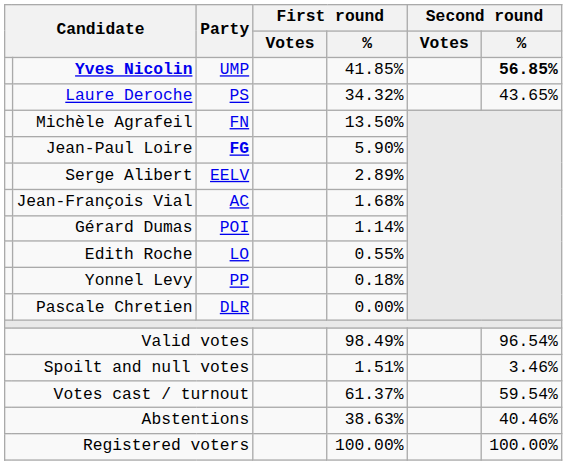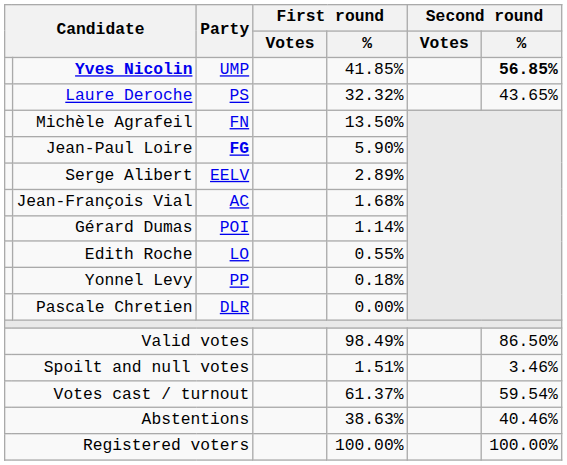 <table class="wikitable" style="text-align:right;font-size:95%;">
 <tr>
 <th rowspan=2 colspan=2>Candidate</th>
 <th rowspan=2 colspan=1>Party</th>
 <th colspan=2>First round</th>
 <th colspan=2>Second round</th>
 </tr>
 <tr>
 <th style="width:50px;">Votes</th>
 <th style="width:55px;">%</th>
 <th style="width:50px;">Votes</th>
 <th style="width:55px;">%</th>
 </tr>
 <tr>
 <td style="color:inherit;background-color:"></td>
 <td><strong><a href='#'>Yves Nicolin</a></strong></td>
 <td><a href='#'>UMP</a></td>
 <td></td>
 <td>41.85%</td>
 <td><strong></strong></td>
 <td><strong>56.85%</strong></td>
 </tr>
 <tr>
 <td style="color:inherit;background-color:"></td>
 <td><a href='#'>Laure Deroche</a></td>
 <td><a href='#'>PS</a></td>
 <td></td>
-<td>34.32%</td>
+<td>32.32%</td>
 <td></td>
 <td>43.65%</td>
 </tr>
 <tr>
 <td style="color:inherit;background-color:"></td>
 <td>Michèle Agrafeil</td>
 <td><a href='#'>FN</a></td>
 <td></td>
 <td>13.50%</td>
 <td colspan=7 rowspan=8 style="background-color:#E9E9E9;"></td>
 </tr>
 <tr>
 <td style="color:inherit;background-color:"></td>
 <td>Jean-Paul Loire</td>
 <td><strong><a href='#'>FG</a></strong></td>
 <td></td>
 <td>5.90%</td>
 </tr>
 <tr>
 <td style="color:inherit;background-color:"></td>
 <td>Serge Alibert</td>
 <td><a href='#'>EELV</a></td>
 <td></td>
 <td>2.89%</td>
 </tr>
 <tr>
 <td style="color:inherit;background-color:"></td>
 <td>Jean-François Vial</td>
 <td><a href='#'>AC</a></td>
 <td></td>
 <td>1.68%</td>
 </tr>
 <tr>
 <td style="color:inherit;background-color:"></td>
 <td>Gérard Dumas</td>
 <td><a href='#'>POI</a></td>
 <td></td>
 <td>1.14%</td>
 </tr>
 <tr>
 <td style="color:inherit;background-color:"></td>
 <td>Edith Roche</td>
 <td><a href='#'>LO</a></td>
 <td></td>
 <td>0.55%</td>
 </tr>
 <tr>
 <td style="color:inherit;background-color:"></td>
 <td>Yonnel Levy</td>
 <td><a href='#'>PP</a></td>
 <td></td>
 <td>0.18%</td>
 </tr>
 <tr>
 <td style="color:inherit;background-color:"></td>
 <td>Pascale Chretien</td>
 <td><a href='#'>DLR</a></td>
 <td></td>
 <td>0.00%</td>
 </tr>
 <tr>
 <td colspan=7 style="background-color:#E9E9E9;"></td>
 </tr>
 <tr>
 <td colspan=3>Valid votes</td>
 <td></td>
 <td>98.49%</td>
 <td></td>
-<td>96.54%</td>
+<td>86.50%</td>
 </tr>
 <tr>
 <td colspan=3>Spoilt and null votes</td>
 <td></td>
 <td>1.51%</td>
 <td></td>
 <td>3.46%</td>
 </tr>
 <tr>
 <td colspan=3>Votes cast / turnout</td>
 <td></td>
 <td>61.37%</td>
 <td></td>
 <td>59.54%</td>
 </tr>
 <tr>
 <td colspan=3>Abstentions</td>
 <td></td>
 <td>38.63%</td>
 <td></td>
 <td>40.46%</td>
 </tr>
 <tr>
 <td colspan=3>Registered voters</td>
 <td></td>
 <td>100.00%</td>
 <td></td>
 <td>100.00%</td>
 </tr>
 </table>
